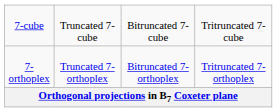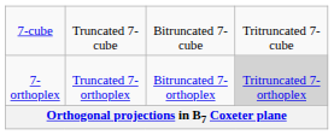 <table class=wikitable align=right width=400>
 <tr align=center valign=top>
 <td><br><a href='#'>7-cube</a><br></td>
 <td><br>Truncated 7-cube<br></td>
 <td><br>Bitruncated 7-cube<br></td>
 <td><br>Tritruncated 7-cube<br></td>
 </tr>
 <tr align=center valign=top>
 <td><br><a href='#'>7-orthoplex</a><br></td>
 <td><br><a href='#'>Truncated 7-orthoplex</a><br></td>
 <td><br><a href='#'>Bitruncated 7-orthoplex</a><br></td>
-<td><br><a href='#'>Tritruncated 7-orthoplex</a><br></td>
+<td style="background: lightgrey;"><br><a href='#'>Tritruncated 7-orthoplex</a><br></td>
 </tr>
 <tr>
 <th colspan=4><a href='#'>Orthogonal projections</a> in B<sub>7</sub> <a href='#'>Coxeter plane</a></th>
 </tr>
 </table>
